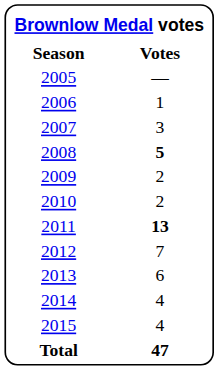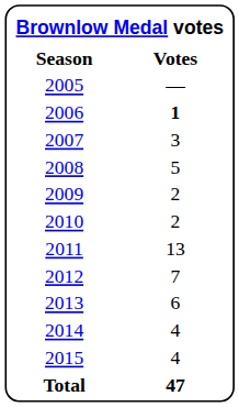 <table style="margin-right:4px; margin-top:8px; float:right; border:1px #000 solid; border-radius:8px; background:#fff; font-family:Verdana; font-size:8pt; text-align:center;">
 <tr style="background:#fff;">
 <td style="padding:3px; margin-bottom:-3px; margin-top:2px; font-family:Arial; " colspan="2"><strong><a href='#'>Brownlow Medal</a> votes</strong></td>
 </tr>
 <tr>
 <th style="width:50%;">Season</th>
 <th style="width:50%;">Votes</th>
 </tr>
 <tr>
 <td><a href='#'>2005</a></td>
 <td>—</td>
 </tr>
 <tr>
 <td><a href='#'>2006</a></td>
-<td>1</td>
+<td><strong>1</strong></td>
 </tr>
 <tr>
 <td><a href='#'>2007</a></td>
 <td>3</td>
 </tr>
 <tr>
 <td><a href='#'>2008</a></td>
-<td><strong>5</strong></td>
+<td>5</td>
 </tr>
 <tr>
 <td><a href='#'>2009</a></td>
 <td>2</td>
 </tr>
 <tr>
 <td><a href='#'>2010</a></td>
 <td>2</td>
 </tr>
 <tr>
 <td><a href='#'>2011</a></td>
-<td><strong>13</strong></td>
+<td>13</td>
 </tr>
 <tr>
 <td><a href='#'>2012</a></td>
 <td>7</td>
 </tr>
 <tr>
 <td><a href='#'>2013</a></td>
 <td>6</td>
 </tr>
 <tr>
 <td><a href='#'>2014</a></td>
 <td>4</td>
 </tr>
 <tr>
 <td><a href='#'>2015</a></td>
 <td>4</td>
 </tr>
 <tr>
 <td><strong>Total</strong></td>
 <td><strong>47</strong></td>
 </tr>
 </table>
